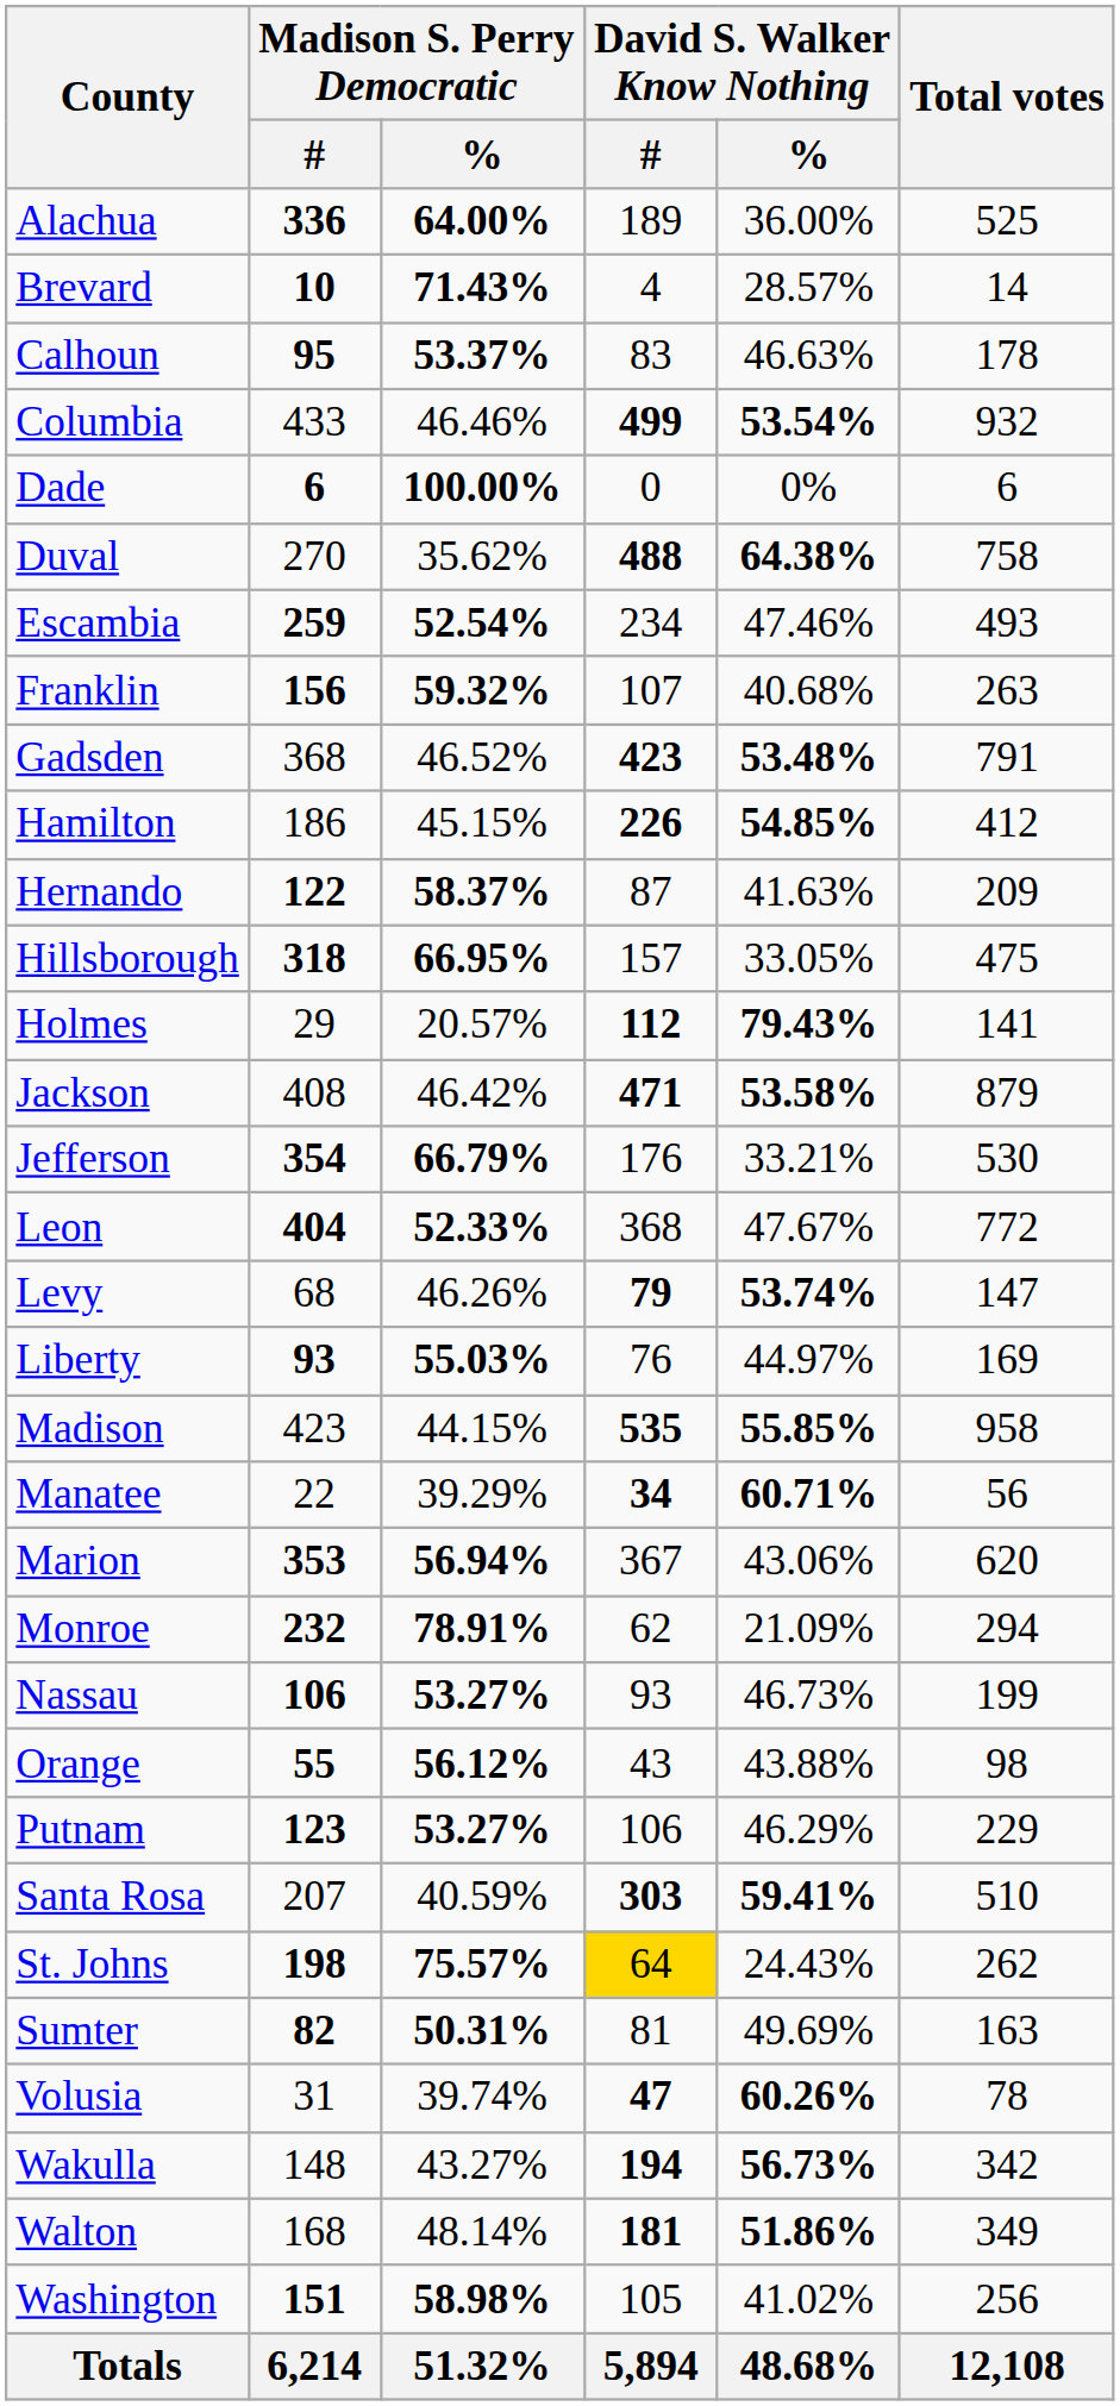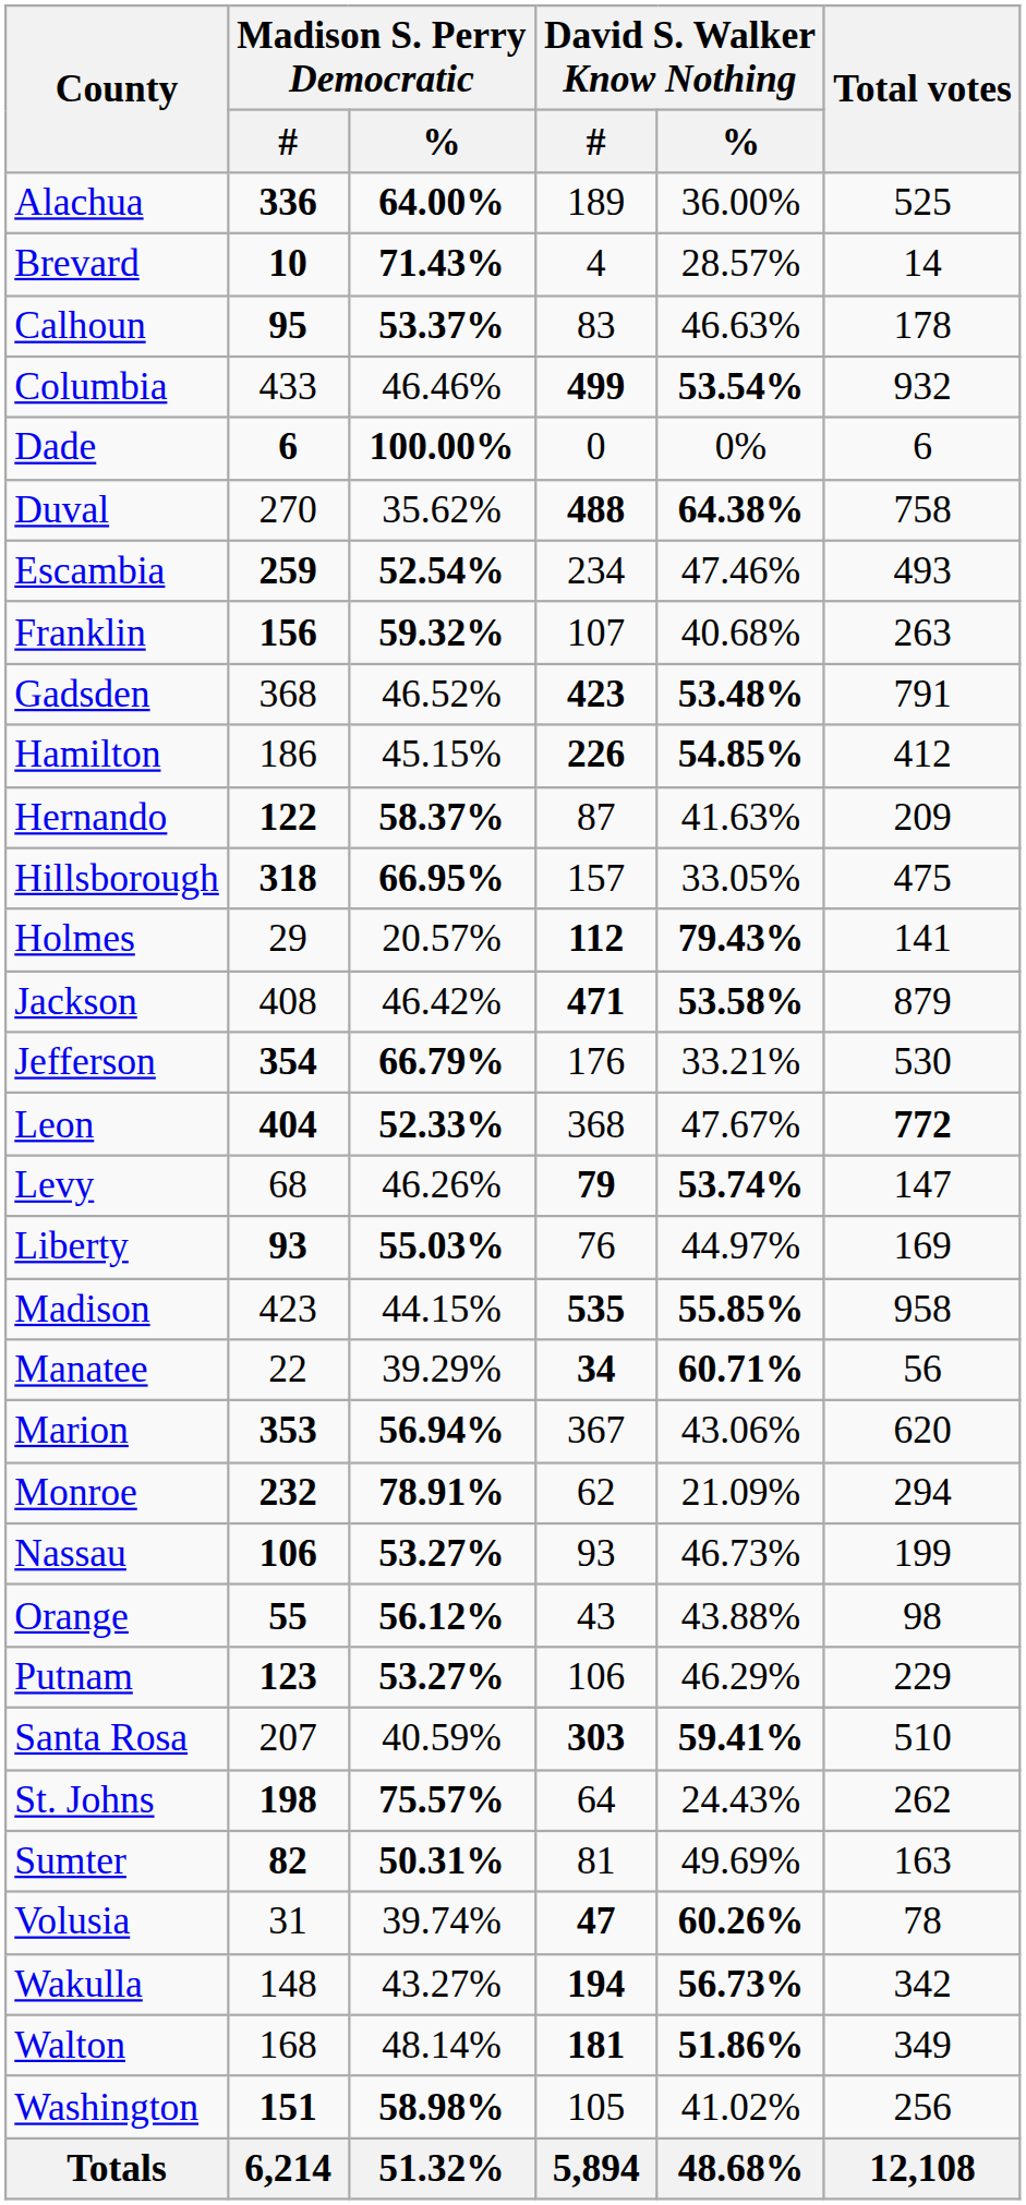 <table class="wikitable sortable">
 <tr>
 <th rowspan="2">County</th>
 <th colspan="2" style="text-align: center;" >Madison S. Perry <br> <em>Democratic</em></th>
 <th colspan="2" style="text-align: center;" >David S. Walker	 <br><em>Know Nothing</em></th>
 <th rowspan="2">Total votes</th>
 </tr>
 <tr>
 <th colspan="1" style="text-align: center;" >#</th>
 <th colspan="1" style="text-align: center;" >%</th>
 <th colspan="1" style="text-align: center;" >#</th>
 <th colspan="1" style="text-align: center;" >%</th>
 </tr>
 <tr>
 <td><a href='#'>Alachua</a></td>
 <td align="center"><strong>336</strong></td>
 <td align="center"><strong>64.00%</strong></td>
 <td align="center">189</td>
 <td align="center">36.00%</td>
 <td align="center">525</td>
 </tr>
 <tr>
 <td><a href='#'>Brevard</a></td>
 <td align="center"><strong>10</strong></td>
 <td align="center"><strong>71.43%</strong></td>
 <td align="center">4</td>
 <td align="center">28.57%</td>
 <td align="center">14</td>
 </tr>
 <tr>
 <td><a href='#'>Calhoun</a></td>
 <td align="center"><strong>95</strong></td>
 <td align="center"><strong>53.37%</strong></td>
 <td align="center">83</td>
 <td align="center">46.63%</td>
 <td align="center">178</td>
 </tr>
 <tr>
 <td><a href='#'>Columbia</a></td>
 <td align="center">433</td>
 <td align="center">46.46%</td>
 <td align="center"><strong>499</strong></td>
 <td align="center"><strong>53.54%</strong></td>
 <td align="center">932</td>
 </tr>
 <tr>
 <td><a href='#'>Dade</a></td>
 <td align="center"><strong>6</strong></td>
 <td align="center"><strong>100.00%</strong></td>
 <td align="center">0</td>
 <td align="center">0%</td>
 <td align="center">6</td>
 </tr>
 <tr>
 <td><a href='#'>Duval</a></td>
 <td align="center">270</td>
 <td align="center">35.62%</td>
 <td align="center"><strong>488</strong></td>
 <td align="center"><strong>64.38%</strong></td>
 <td align="center">758</td>
 </tr>
 <tr>
 <td><a href='#'>Escambia</a></td>
 <td align="center"><strong>259</strong></td>
 <td align="center"><strong>52.54%</strong></td>
 <td align="center">234</td>
 <td align="center">47.46%</td>
 <td align="center">493</td>
 </tr>
 <tr>
 <td><a href='#'>Franklin</a></td>
 <td align="center"><strong>156</strong></td>
 <td align="center"><strong>59.32%</strong></td>
 <td align="center">107</td>
 <td align="center">40.68%</td>
 <td align="center">263</td>
 </tr>
 <tr>
 <td><a href='#'>Gadsden</a></td>
 <td align="center">368</td>
 <td align="center">46.52%</td>
 <td align="center"><strong>423</strong></td>
 <td align="center"><strong>53.48%</strong></td>
 <td align="center">791</td>
 </tr>
 <tr>
 <td><a href='#'>Hamilton</a></td>
 <td align="center">186</td>
 <td align="center">45.15%</td>
 <td align="center"><strong>226</strong></td>
 <td align="center"><strong>54.85%</strong></td>
 <td align="center">412</td>
 </tr>
 <tr>
 <td><a href='#'>Hernando</a></td>
 <td align="center"><strong>122</strong></td>
 <td align="center"><strong>58.37%</strong></td>
 <td align="center">87</td>
 <td align="center">41.63%</td>
 <td align="center">209</td>
 </tr>
 <tr>
 <td><a href='#'>Hillsborough</a></td>
 <td align="center"><strong>318</strong></td>
 <td align="center"><strong>66.95%</strong></td>
 <td align="center">157</td>
 <td align="center">33.05%</td>
 <td align="center">475</td>
 </tr>
 <tr>
 <td><a href='#'>Holmes</a></td>
 <td align="center">29</td>
 <td align="center">20.57%</td>
 <td align="center"><strong>112</strong></td>
 <td align="center"><strong>79.43%</strong></td>
 <td align="center">141</td>
 </tr>
 <tr>
 <td><a href='#'>Jackson</a></td>
 <td align="center">408</td>
 <td align="center">46.42%</td>
 <td align="center"><strong>471</strong></td>
 <td align="center"><strong>53.58%</strong></td>
 <td align="center">879</td>
 </tr>
 <tr>
 <td><a href='#'>Jefferson</a></td>
 <td align="center"><strong>354</strong></td>
 <td align="center"><strong>66.79%</strong></td>
 <td align="center">176</td>
 <td align="center">33.21%</td>
 <td align="center">530</td>
 </tr>
 <tr>
 <td><a href='#'>Leon</a></td>
 <td align="center"><strong>404</strong></td>
 <td align="center"><strong>52.33%</strong></td>
 <td align="center">368</td>
 <td align="center">47.67%</td>
-<td align="center">772</td>
+<td align="center"><strong>772</strong></td>
 </tr>
 <tr>
 <td><a href='#'>Levy</a></td>
 <td align="center">68</td>
 <td align="center">46.26%</td>
 <td align="center"><strong>79</strong></td>
 <td align="center"><strong>53.74%</strong></td>
 <td align="center">147</td>
 </tr>
 <tr>
 <td><a href='#'>Liberty</a></td>
 <td align="center"><strong>93</strong></td>
 <td align="center"><strong>55.03%</strong></td>
 <td align="center">76</td>
 <td align="center">44.97%</td>
 <td align="center">169</td>
 </tr>
 <tr>
 <td><a href='#'>Madison</a></td>
 <td align="center">423</td>
 <td align="center">44.15%</td>
 <td align="center"><strong>535</strong></td>
 <td align="center"><strong>55.85%</strong></td>
 <td align="center">958</td>
 </tr>
 <tr>
 <td><a href='#'>Manatee</a></td>
 <td align="center">22</td>
 <td align="center">39.29%</td>
 <td align="center"><strong>34</strong></td>
 <td align="center"><strong>60.71%</strong></td>
 <td align="center">56</td>
 </tr>
 <tr>
 <td><a href='#'>Marion</a></td>
 <td align="center"><strong>353</strong></td>
 <td align="center"><strong>56.94%</strong></td>
 <td align="center">367</td>
 <td align="center">43.06%</td>
 <td align="center">620</td>
 </tr>
 <tr>
 <td><a href='#'>Monroe</a></td>
 <td align="center"><strong>232</strong></td>
 <td align="center"><strong>78.91%</strong></td>
 <td align="center">62</td>
 <td align="center">21.09%</td>
 <td align="center">294</td>
 </tr>
 <tr>
 <td><a href='#'>Nassau</a></td>
 <td align="center"><strong>106</strong></td>
 <td align="center"><strong>53.27%</strong></td>
 <td align="center">93</td>
 <td align="center">46.73%</td>
 <td align="center">199</td>
 </tr>
 <tr>
 <td><a href='#'>Orange</a></td>
 <td align="center"><strong>55</strong></td>
 <td align="center"><strong>56.12%</strong></td>
 <td align="center">43</td>
 <td align="center">43.88%</td>
 <td align="center">98</td>
 </tr>
 <tr>
 <td><a href='#'>Putnam</a></td>
 <td align="center"><strong>123</strong></td>
 <td align="center"><strong>53.27%</strong></td>
 <td align="center">106</td>
 <td align="center">46.29%</td>
 <td align="center">229</td>
 </tr>
 <tr>
 <td><a href='#'>Santa Rosa</a></td>
 <td align="center">207</td>
 <td align="center">40.59%</td>
 <td align="center"><strong>303</strong></td>
 <td align="center"><strong>59.41%</strong></td>
 <td align="center">510</td>
 </tr>
 <tr>
 <td><a href='#'>St. Johns</a></td>
 <td align="center"><strong>198</strong></td>
 <td align="center"><strong>75.57%</strong></td>
-<td align="center" style="background: gold;">64</td>
+<td align="center">64</td>
 <td align="center">24.43%</td>
 <td align="center">262</td>
 </tr>
 <tr>
 <td><a href='#'>Sumter</a></td>
 <td align="center"><strong>82</strong></td>
 <td align="center"><strong>50.31%</strong></td>
 <td align="center">81</td>
 <td align="center">49.69%</td>
 <td align="center">163</td>
 </tr>
 <tr>
 <td><a href='#'>Volusia</a></td>
 <td align="center">31</td>
 <td align="center">39.74%</td>
 <td align="center"><strong>47</strong></td>
 <td align="center"><strong>60.26%</strong></td>
 <td align="center">78</td>
 </tr>
 <tr>
 <td><a href='#'>Wakulla</a></td>
 <td align="center">148</td>
 <td align="center">43.27%</td>
 <td align="center"><strong>194</strong></td>
 <td align="center"><strong>56.73%</strong></td>
 <td align="center">342</td>
 </tr>
 <tr>
 <td><a href='#'>Walton</a></td>
 <td align="center">168</td>
 <td align="center">48.14%</td>
 <td align="center"><strong>181</strong></td>
 <td align="center"><strong>51.86%</strong></td>
 <td align="center">349</td>
 </tr>
 <tr>
 <td><a href='#'>Washington</a></td>
 <td align="center"><strong>151</strong></td>
 <td align="center"><strong>58.98%</strong></td>
 <td align="center">105</td>
 <td align="center">41.02%</td>
 <td align="center">256</td>
 </tr>
 <tr>
 <th>Totals</th>
 <th><strong>6,214</strong></th>
 <th><strong>51.32%</strong></th>
 <th><strong>5,894</strong></th>
 <th><strong>48.68%</strong></th>
 <th>12,108</th>
 </tr>
 </table>
